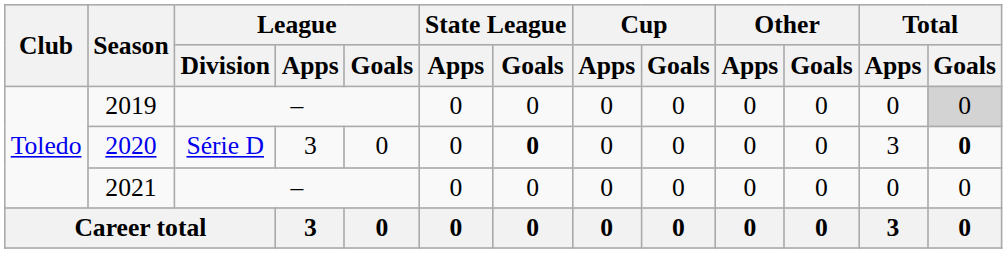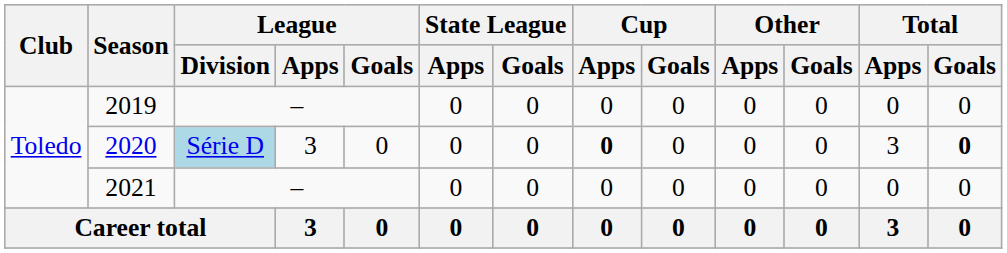 <table class="wikitable" style="text-align: center">
 <tr>
 <th rowspan="2">Club</th>
 <th rowspan="2">Season</th>
 <th colspan="3">League</th>
 <th colspan="2">State League</th>
 <th colspan="2">Cup</th>
 <th colspan="2">Other</th>
 <th colspan="2">Total</th>
 </tr>
 <tr>
 <th>Division</th>
 <th>Apps</th>
 <th>Goals</th>
 <th>Apps</th>
 <th>Goals</th>
 <th>Apps</th>
 <th>Goals</th>
 <th>Apps</th>
 <th>Goals</th>
 <th>Apps</th>
 <th>Goals</th>
 </tr>
 <tr>
 <td rowspan="3"><a href='#'>Toledo</a></td>
 <td>2019</td>
 <td colspan="3">–</td>
 <td>0</td>
 <td>0</td>
 <td>0</td>
 <td>0</td>
 <td>0</td>
 <td>0</td>
 <td>0</td>
-<td style="background: lightgrey;">0</td>
+<td>0</td>
 </tr>
 <tr>
 <td><a href='#'>2020</a></td>
-<td><a href='#'>Série D</a></td>
+<td style="background: lightblue;"><a href='#'>Série D</a></td>
 <td>3</td>
 <td>0</td>
 <td>0</td>
+<td>0</td>
 <td><strong>0</strong></td>
-<td>0</td>
 <td>0</td>
 <td>0</td>
 <td>0</td>
 <td>3</td>
 <td><strong>0</strong></td>
 </tr>
 <tr>
 <td>2021</td>
 <td colspan="3">–</td>
 <td>0</td>
 <td>0</td>
 <td>0</td>
 <td>0</td>
 <td>0</td>
 <td>0</td>
 <td>0</td>
 <td>0</td>
 </tr>
 <tr>
 <th colspan=3>Career total</th>
 <th>3</th>
 <th>0</th>
 <th>0</th>
 <th>0</th>
 <th>0</th>
 <th>0</th>
 <th>0</th>
 <th>0</th>
 <th>3</th>
 <th>0</th>
 </tr>
 </table>
